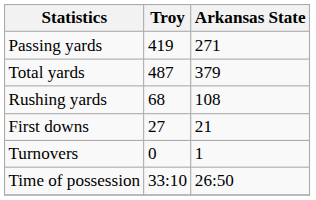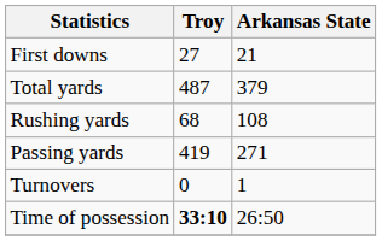 <table class="wikitable">
 <tr>
 <th>Statistics</th>
 <th>Troy</th>
 <th>Arkansas State</th>
 </tr>
 <tr>
-<td>Passing yards</td>
-<td>419</td>
-<td>271</td>
+<td>First downs</td>
+<td>27</td>
+<td>21</td>
 </tr>
 <tr>
 <td>Total yards</td>
 <td>487</td>
 <td>379</td>
 </tr>
 <tr>
 <td>Rushing yards</td>
 <td>68</td>
 <td>108</td>
 </tr>
 <tr>
-<td>First downs</td>
-<td>27</td>
-<td>21</td>
+<td>Passing yards</td>
+<td>419</td>
+<td>271</td>
 </tr>
 <tr>
 <td>Turnovers</td>
 <td>0</td>
 <td>1</td>
 </tr>
 <tr>
 <td>Time of possession</td>
-<td>33:10</td>
+<td><strong>33:10</strong></td>
 <td>26:50</td>
 </tr>
 <tr>
 </tr>
 </table>
